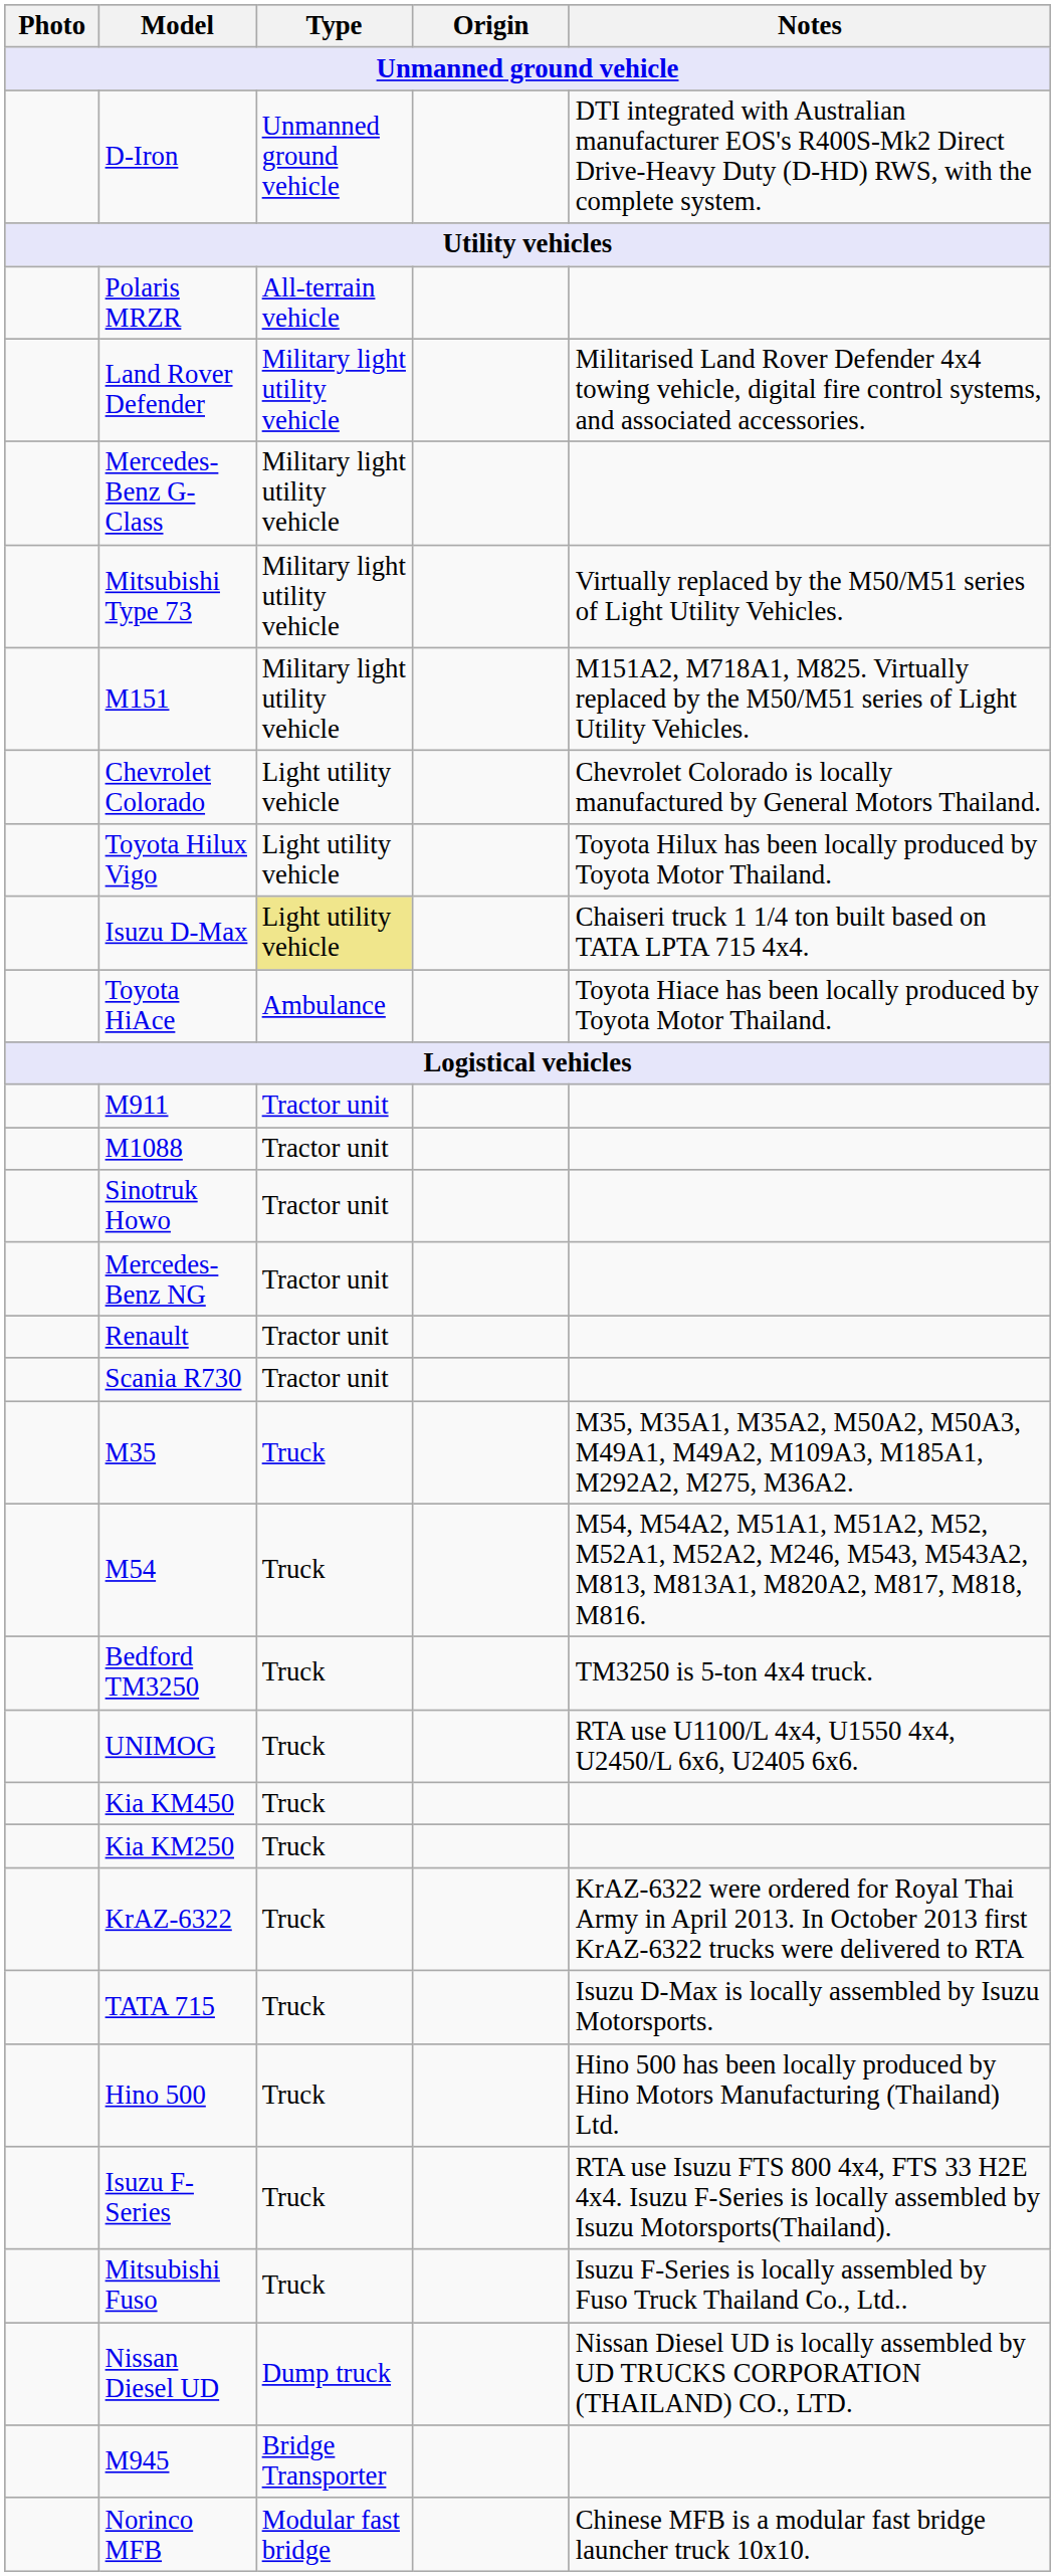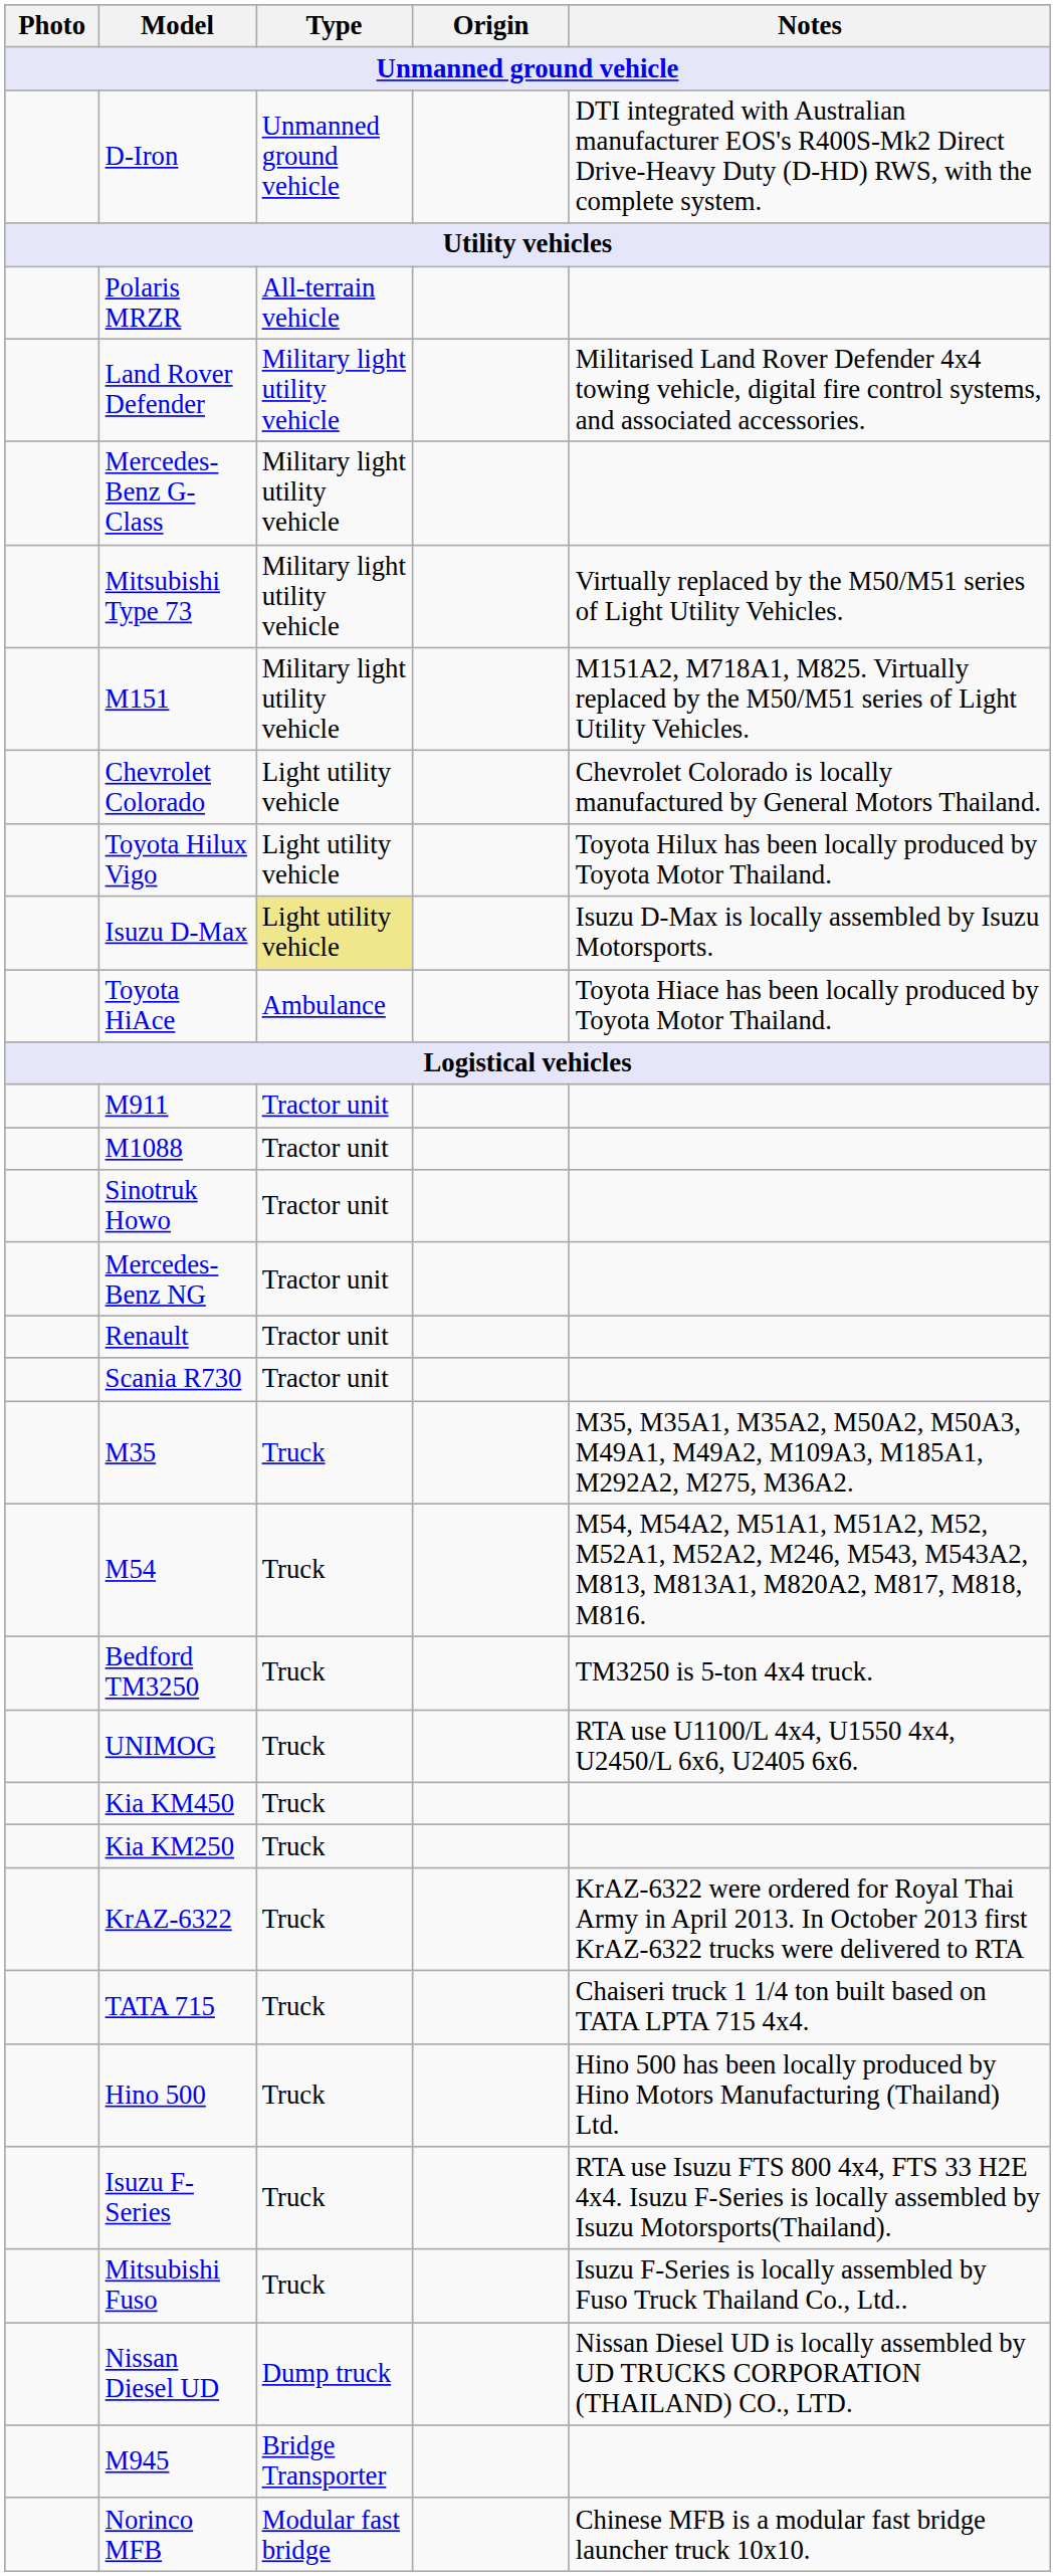 <table class="wikitable" style="width:100%;">
 <tr>
 <th style="width:9%;">Photo</th>
 <th style="width:15%;">Model</th>
 <th style="width:15%;">Type</th>
 <th style="width:15%;">Origin</th>
 <th>Notes</th>
 </tr>
 <tr>
 <th style="align: centre; background: lavender;" colspan="7"><strong><a href='#'>Unmanned ground vehicle</a></strong></th>
 </tr>
 <tr>
 <td></td>
 <td><a href='#'>D-Iron</a></td>
 <td><a href='#'>Unmanned ground vehicle</a></td>
 <td><br></td>
 <td>DTI integrated with Australian manufacturer EOS's R400S-Mk2 Direct Drive-Heavy Duty (D-HD) RWS, with the complete system.</td>
 </tr>
 <tr>
 <th style="align: centre; background: lavender;" colspan="7"><strong>Utility vehicles</strong></th>
 </tr>
 <tr>
 <td></td>
 <td><a href='#'>Polaris MRZR</a></td>
 <td><a href='#'>All-terrain vehicle</a></td>
 <td></td>
 <td></td>
 </tr>
 <tr>
 <td></td>
 <td><a href='#'>Land Rover Defender</a></td>
 <td><a href='#'>Military light utility vehicle</a></td>
 <td></td>
 <td>Militarised Land Rover Defender 4x4 towing vehicle, digital fire control systems, and associated accessories.</td>
 </tr>
 <tr>
 <td></td>
 <td><a href='#'>Mercedes-Benz G-Class</a></td>
 <td>Military light utility vehicle</td>
 <td></td>
 <td></td>
 </tr>
 <tr>
 <td></td>
 <td><a href='#'>Mitsubishi Type 73</a></td>
 <td>Military light utility vehicle</td>
 <td></td>
 <td>Virtually replaced by the M50/M51 series of Light Utility Vehicles.</td>
 </tr>
 <tr>
 <td></td>
 <td><a href='#'>M151</a></td>
 <td>Military light utility vehicle</td>
 <td></td>
 <td>M151A2, M718A1, M825. Virtually replaced by the M50/M51 series of Light Utility Vehicles.</td>
 </tr>
 <tr>
 <td></td>
 <td><a href='#'>Chevrolet Colorado</a></td>
 <td>Light utility vehicle</td>
 <td><br></td>
 <td>Chevrolet Colorado is locally manufactured by General Motors Thailand.</td>
 </tr>
 <tr>
 <td></td>
 <td><a href='#'>Toyota Hilux Vigo</a></td>
 <td>Light utility vehicle</td>
 <td><br></td>
 <td>Toyota Hilux has been locally produced by Toyota Motor Thailand.</td>
 </tr>
 <tr>
 <td></td>
 <td><a href='#'>Isuzu D-Max</a></td>
 <td style="background: khaki;">Light utility vehicle</td>
 <td><br></td>
-<td>Chaiseri truck 1 1/4 ton built based on TATA LPTA 715 4x4.</td>
+<td>Isuzu D-Max is locally assembled by Isuzu Motorsports.</td>
 </tr>
 <tr>
 <td></td>
 <td><a href='#'>Toyota HiAce</a></td>
 <td><a href='#'>Ambulance</a></td>
 <td><br></td>
 <td>Toyota Hiace has been locally produced by Toyota Motor Thailand.</td>
 </tr>
 <tr>
 <th style="align: centre; background: lavender;" colspan="7"><strong>Logistical vehicles</strong></th>
 </tr>
 <tr>
 <td></td>
 <td><a href='#'>M911</a></td>
 <td><a href='#'>Tractor unit</a></td>
 <td></td>
 <td></td>
 </tr>
 <tr>
 <td></td>
 <td><a href='#'>M1088</a></td>
 <td>Tractor unit</td>
 <td></td>
 <td></td>
 </tr>
 <tr>
 <td></td>
 <td><a href='#'>Sinotruk Howo</a></td>
 <td>Tractor unit</td>
 <td></td>
 <td></td>
 </tr>
 <tr>
 <td></td>
 <td><a href='#'>Mercedes-Benz NG</a></td>
 <td>Tractor unit</td>
 <td></td>
 <td></td>
 </tr>
 <tr>
 <td></td>
 <td><a href='#'>Renault</a></td>
 <td>Tractor unit</td>
 <td></td>
 <td></td>
 </tr>
 <tr>
 <td></td>
 <td><a href='#'>Scania R730</a></td>
 <td>Tractor unit</td>
 <td></td>
 <td></td>
 </tr>
 <tr>
 <td></td>
 <td><a href='#'>M35</a></td>
 <td><a href='#'>Truck</a></td>
 <td></td>
 <td>M35, M35A1, M35A2, M50A2, M50A3, M49A1, M49A2, M109A3, M185A1, M292A2, M275, M36A2.</td>
 </tr>
 <tr>
 <td></td>
 <td><a href='#'>M54</a></td>
 <td>Truck</td>
 <td></td>
 <td>M54, M54A2, M51A1, M51A2, M52, M52A1, M52A2, M246, M543, M543A2, M813, M813A1, M820A2, M817, M818, M816.</td>
 </tr>
 <tr>
 <td></td>
 <td><a href='#'>Bedford TM3250</a></td>
 <td>Truck</td>
 <td></td>
 <td>TM3250 is 5-ton 4x4 truck.</td>
 </tr>
 <tr>
 <td></td>
 <td><a href='#'>UNIMOG</a></td>
 <td>Truck</td>
 <td></td>
 <td>RTA use U1100/L 4x4, U1550 4x4, U2450/L 6x6, U2405 6x6.</td>
 </tr>
 <tr>
 <td></td>
 <td><a href='#'>Kia KM450</a></td>
 <td>Truck</td>
 <td></td>
 <td></td>
 </tr>
 <tr>
 <td></td>
 <td><a href='#'>Kia KM250</a></td>
 <td>Truck</td>
 <td></td>
 <td></td>
 </tr>
 <tr>
 <td></td>
 <td><a href='#'>KrAZ-6322</a></td>
 <td>Truck</td>
 <td></td>
 <td>KrAZ-6322 were ordered for Royal Thai Army in April 2013. In October 2013 first KrAZ-6322 trucks were delivered to RTA </td>
 </tr>
 <tr>
 <td></td>
 <td><a href='#'>TATA 715</a></td>
 <td>Truck</td>
 <td><br></td>
-<td>Isuzu D-Max is locally assembled by Isuzu Motorsports.</td>
+<td>Chaiseri truck 1 1/4 ton built based on TATA LPTA 715 4x4.</td>
 </tr>
 <tr>
 <td></td>
 <td><a href='#'>Hino 500</a></td>
 <td>Truck</td>
 <td><br></td>
 <td>Hino 500 has been locally produced by Hino Motors Manufacturing (Thailand) Ltd.</td>
 </tr>
 <tr>
 <td></td>
 <td><a href='#'>Isuzu F-Series</a></td>
 <td>Truck</td>
 <td><br></td>
 <td>RTA use Isuzu FTS 800 4x4, FTS 33 H2E 4x4. Isuzu F-Series is locally assembled by Isuzu Motorsports(Thailand).</td>
 </tr>
 <tr>
 <td></td>
 <td><a href='#'>Mitsubishi Fuso</a></td>
 <td>Truck</td>
 <td><br></td>
 <td>Isuzu F-Series is locally assembled by Fuso Truck Thailand Co., Ltd..</td>
 </tr>
 <tr>
 <td></td>
 <td><a href='#'>Nissan Diesel UD</a></td>
 <td><a href='#'>Dump truck</a></td>
 <td><br></td>
 <td>Nissan Diesel UD is locally assembled by UD TRUCKS CORPORATION (THAILAND) CO., LTD.</td>
 </tr>
 <tr>
 <td></td>
 <td><a href='#'>M945</a></td>
 <td><a href='#'>Bridge Transporter</a></td>
 <td></td>
 <td></td>
 </tr>
 <tr>
 <td></td>
 <td><a href='#'>Norinco</a> <a href='#'>MFB</a></td>
 <td><a href='#'>Modular fast bridge</a></td>
 <td></td>
 <td>Chinese MFB is a modular fast bridge launcher truck 10x10.</td>
 </tr>
 </table>
